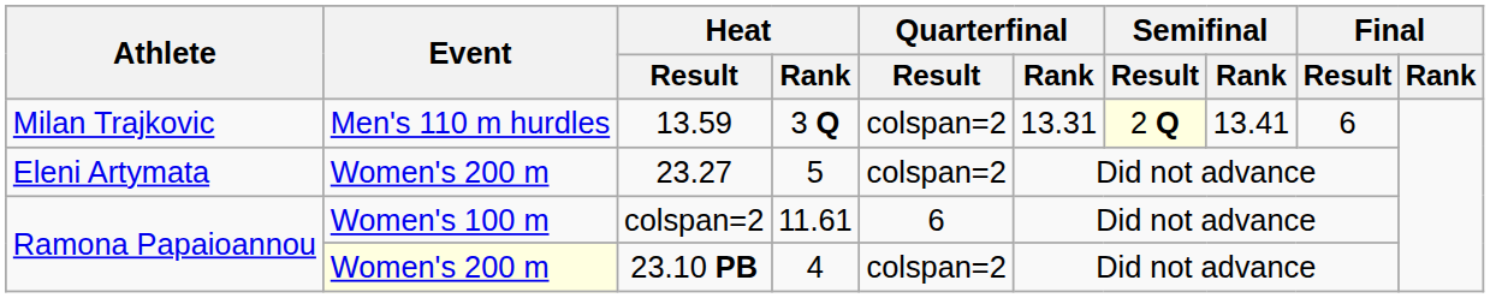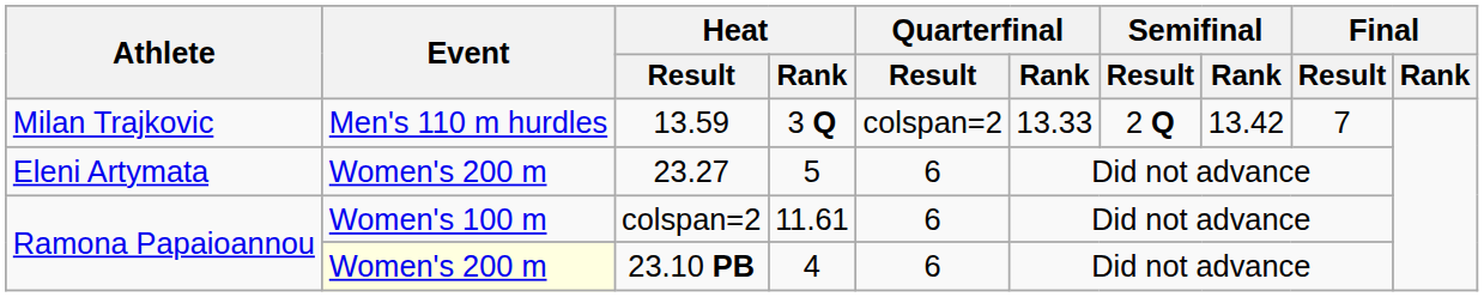 <table class="wikitable" style="font-size:90%">
 <tr>
 <th rowspan="2">Athlete</th>
 <th rowspan="2">Event</th>
 <th colspan="2">Heat</th>
 <th colspan="2">Quarterfinal</th>
 <th colspan="2">Semifinal</th>
 <th colspan="2">Final</th>
 </tr>
 <tr style="font-size:95%">
 <th>Result</th>
 <th>Rank</th>
 <th>Result</th>
 <th>Rank</th>
 <th>Result</th>
 <th>Rank</th>
 <th>Result</th>
 <th>Rank</th>
 </tr>
 <tr align=center>
 <td align=left><a href='#'>Milan Trajkovic</a></td>
 <td align=left><a href='#'>Men's 110 m hurdles</a></td>
 <td>13.59</td>
 <td>3 <strong>Q</strong></td>
 <td>colspan=2 </td>
-<td>13.31</td>
-<td style="background: lightyellow;">2 <strong>Q</strong></td>
-<td>13.41</td>
-<td>6</td>
+<td>13.33</td>
+<td>2 <strong>Q</strong></td>
+<td>13.42</td>
+<td>7</td>
 </tr>
 <tr align=center>
 <td align=left><a href='#'>Eleni Artymata</a></td>
 <td align=left><a href='#'>Women's 200 m</a></td>
 <td>23.27</td>
 <td>5</td>
-<td>colspan=2 </td>
+<td>6</td>
 <td colspan=4>Did not advance</td>
 </tr>
 <tr align=center>
 <td align=left rowspan=2><a href='#'>Ramona Papaioannou</a></td>
 <td align=left><a href='#'>Women's 100 m</a></td>
 <td>colspan=2 </td>
 <td>11.61</td>
 <td>6</td>
 <td colspan=4>Did not advance</td>
 </tr>
 <tr align=center>
 <td align=left style="background: lightyellow;"><a href='#'>Women's 200 m</a></td>
 <td>23.10 <strong>PB</strong></td>
 <td>4</td>
-<td>colspan=2 </td>
+<td>6</td>
 <td colspan=4>Did not advance</td>
 </tr>
 </table>
